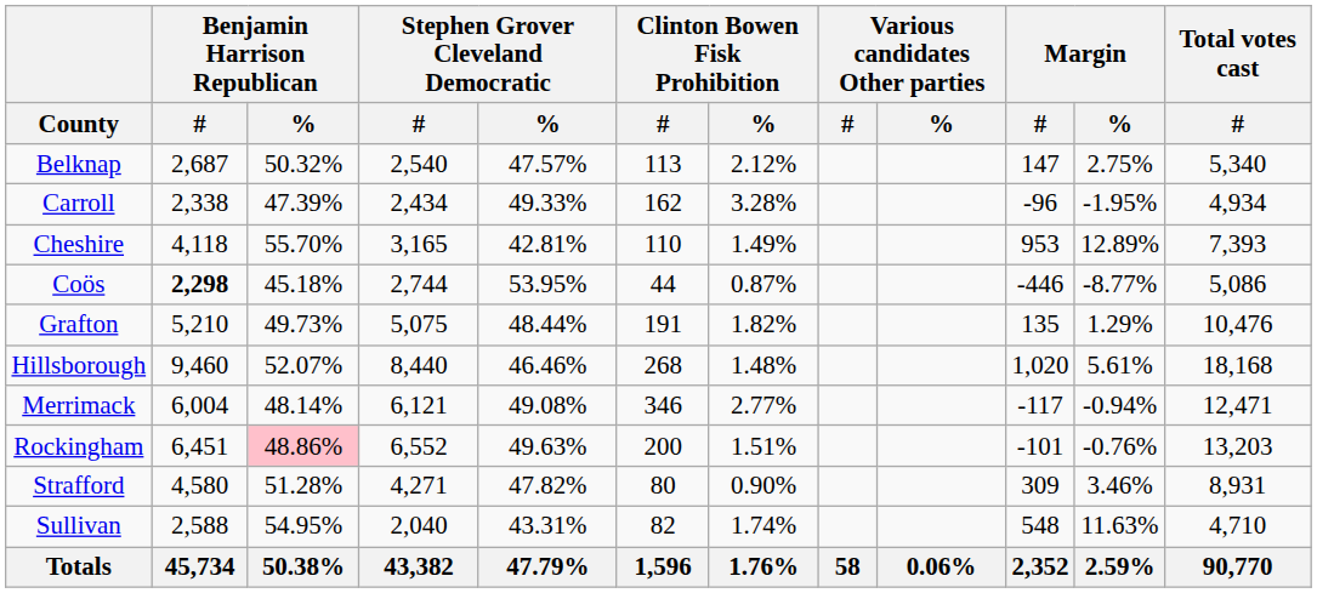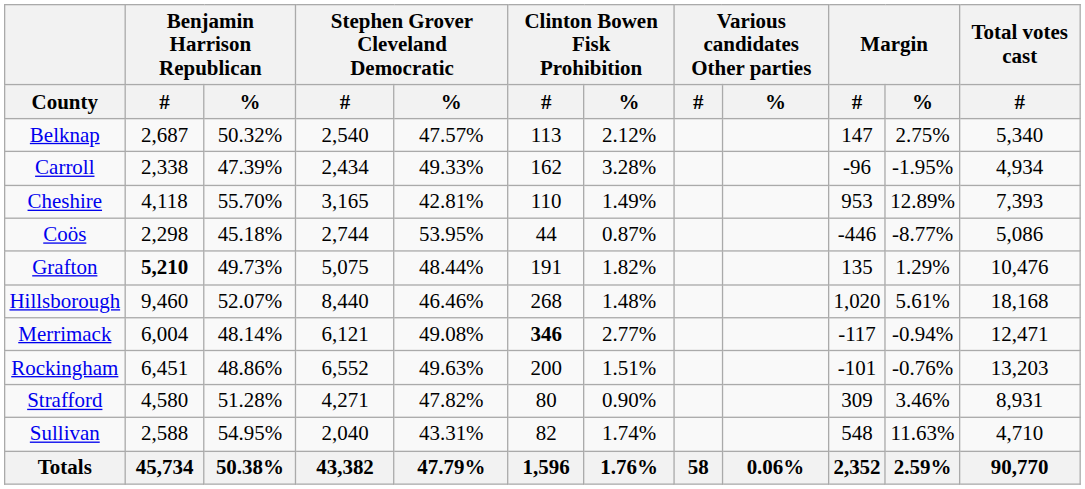 <table width="65%"  class="wikitable sortable" style="text-align:center">
 <tr>
 <th colspan=1></th>
 <th style="text-align:center;" colspan="2">Benjamin Harrison<br>Republican</th>
 <th style="text-align:center;" colspan="2">Stephen Grover Cleveland<br>Democratic</th>
 <th style="text-align:center;" colspan="2">Clinton Bowen Fisk<br>Prohibition</th>
 <th style="text-align:center;" colspan="2">Various candidates<br>Other parties</th>
 <th style="text-align:center;" colspan="2">Margin</th>
 <th style="text-align:center;" colspan="1">Total votes cast</th>
 </tr>
 <tr>
 <th align=center>County</th>
 <th style="text-align:center;" data-sort-type="number">#</th>
 <th style="text-align:center;" data-sort-type="number">%</th>
 <th style="text-align:center;" data-sort-type="number">#</th>
 <th style="text-align:center;" data-sort-type="number">%</th>
 <th style="text-align:center;" data-sort-type="number">#</th>
 <th style="text-align:center;" data-sort-type="number">%</th>
 <th style="text-align:center;" data-sort-type="number">#</th>
 <th style="text-align:center;" data-sort-type="number">%</th>
 <th style="text-align:center;" data-sort-type="number">#</th>
 <th style="text-align:center;" data-sort-type="number">%</th>
 <th style="text-align:center;" data-sort-type="number">#</th>
 </tr>
 <tr style="text-align:center;">
 <td><a href='#'>Belknap</a></td>
 <td>2,687</td>
 <td>50.32%</td>
 <td>2,540</td>
 <td>47.57%</td>
 <td>113</td>
 <td>2.12%</td>
 <td></td>
 <td></td>
 <td>147</td>
 <td>2.75%</td>
 <td>5,340</td>
 </tr>
 <tr style="text-align:center;">
 <td><a href='#'>Carroll</a></td>
 <td>2,338</td>
 <td>47.39%</td>
 <td>2,434</td>
 <td>49.33%</td>
 <td>162</td>
 <td>3.28%</td>
 <td></td>
 <td></td>
 <td>-96</td>
 <td>-1.95%</td>
 <td>4,934</td>
 </tr>
 <tr style="text-align:center;">
 <td><a href='#'>Cheshire</a></td>
 <td>4,118</td>
 <td>55.70%</td>
 <td>3,165</td>
 <td>42.81%</td>
 <td>110</td>
 <td>1.49%</td>
 <td></td>
 <td></td>
 <td>953</td>
 <td>12.89%</td>
 <td>7,393</td>
 </tr>
 <tr style="text-align:center;">
 <td><a href='#'>Coös</a></td>
-<td><strong>2,298</strong></td>
+<td>2,298</td>
 <td>45.18%</td>
 <td>2,744</td>
 <td>53.95%</td>
 <td>44</td>
 <td>0.87%</td>
 <td></td>
 <td></td>
 <td>-446</td>
 <td>-8.77%</td>
 <td>5,086</td>
 </tr>
 <tr style="text-align:center;">
 <td><a href='#'>Grafton</a></td>
-<td>5,210</td>
+<td><strong>5,210</strong></td>
 <td>49.73%</td>
 <td>5,075</td>
 <td>48.44%</td>
 <td>191</td>
 <td>1.82%</td>
 <td></td>
 <td></td>
 <td>135</td>
 <td>1.29%</td>
 <td>10,476</td>
 </tr>
 <tr style="text-align:center;">
 <td><a href='#'>Hillsborough</a></td>
 <td>9,460</td>
 <td>52.07%</td>
 <td>8,440</td>
 <td>46.46%</td>
 <td>268</td>
 <td>1.48%</td>
 <td></td>
 <td></td>
 <td>1,020</td>
 <td>5.61%</td>
 <td>18,168</td>
 </tr>
 <tr style="text-align:center;">
 <td><a href='#'>Merrimack</a></td>
 <td>6,004</td>
 <td>48.14%</td>
 <td>6,121</td>
 <td>49.08%</td>
-<td>346</td>
+<td><strong>346</strong></td>
 <td>2.77%</td>
 <td></td>
 <td></td>
 <td>-117</td>
 <td>-0.94%</td>
 <td>12,471</td>
 </tr>
 <tr style="text-align:center;">
 <td><a href='#'>Rockingham</a></td>
 <td>6,451</td>
-<td style="background: pink;">48.86%</td>
+<td>48.86%</td>
 <td>6,552</td>
 <td>49.63%</td>
 <td>200</td>
 <td>1.51%</td>
 <td></td>
 <td></td>
 <td>-101</td>
 <td>-0.76%</td>
 <td>13,203</td>
 </tr>
 <tr style="text-align:center;">
 <td><a href='#'>Strafford</a></td>
 <td>4,580</td>
 <td>51.28%</td>
 <td>4,271</td>
 <td>47.82%</td>
 <td>80</td>
 <td>0.90%</td>
 <td></td>
 <td></td>
 <td>309</td>
 <td>3.46%</td>
 <td>8,931</td>
 </tr>
 <tr style="text-align:center;">
 <td><a href='#'>Sullivan</a></td>
 <td>2,588</td>
 <td>54.95%</td>
 <td>2,040</td>
 <td>43.31%</td>
 <td>82</td>
 <td>1.74%</td>
 <td></td>
 <td></td>
 <td>548</td>
 <td>11.63%</td>
 <td>4,710</td>
 </tr>
 <tr style="text-align:center;">
 <th>Totals</th>
 <th>45,734</th>
 <th>50.38%</th>
 <th>43,382</th>
 <th>47.79%</th>
 <th>1,596</th>
 <th>1.76%</th>
 <th>58</th>
 <th>0.06%</th>
 <th>2,352</th>
 <th>2.59%</th>
 <th>90,770</th>
 </tr>
 </table>
